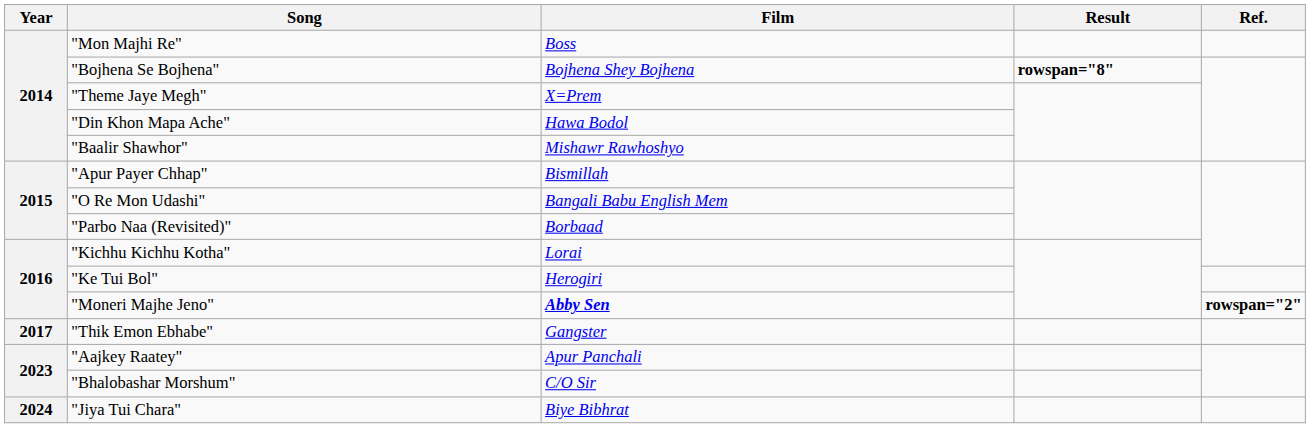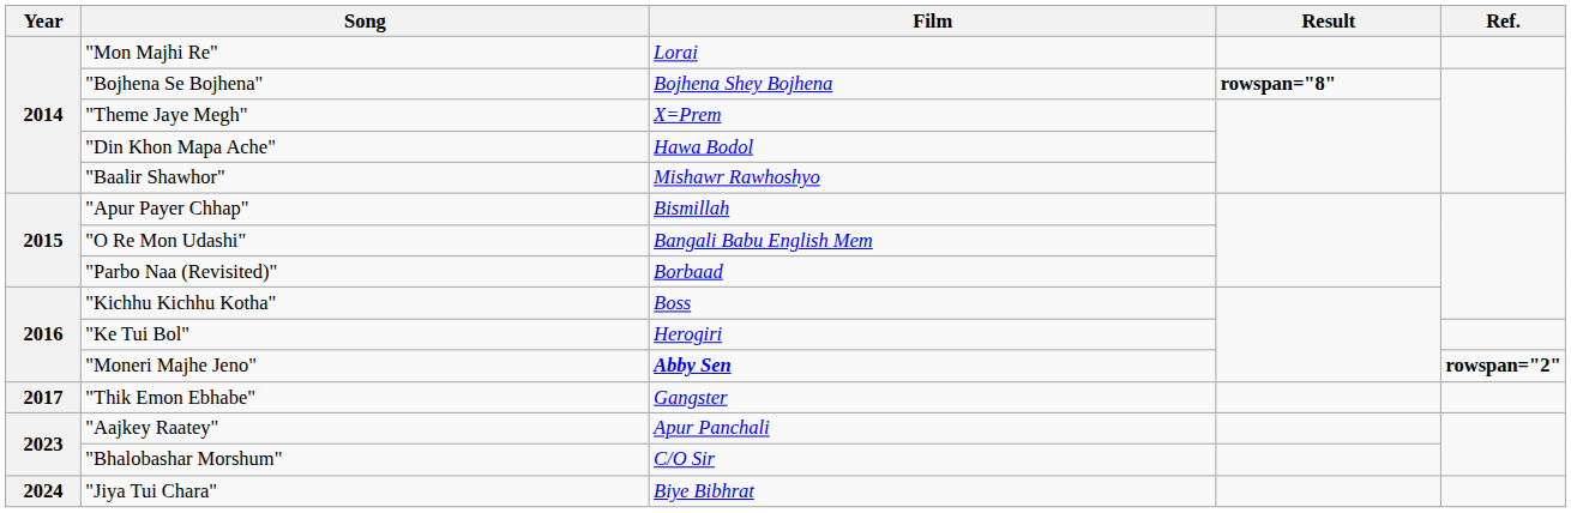 <table class="wikitable plainrowheaders" width="100%" "textcolor:#000;">
 <tr>
 <th scope="col" width=5%><strong>Year</strong></th>
 <th scope="col" width=39%><strong>Song</strong></th>
 <th scope="col" width=39%><strong>Film</strong></th>
 <th scope="col" width=15%><strong>Result</strong></th>
 <th scope="col" width=2%><strong>Ref.</strong></th>
 </tr>
 <tr>
 <th scope="row" rowspan="5">2014</th>
 <td>"Mon Majhi Re"</td>
-<td><em><a href='#'>Boss</a></em></td>
+<td><em><a href='#'>Lorai</a></em></td>
 <td></td>
 <td></td>
 </tr>
 <tr>
 <td>"Bojhena Se Bojhena"</td>
 <td><em><a href='#'>Bojhena Shey Bojhena</a></em></td>
 <td><strong>rowspan="8" </strong></td>
 <td rowspan="4"></td>
 </tr>
 <tr>
 <td>"Theme Jaye Megh"</td>
 <td><em><a href='#'>X=Prem</a></em></td>
 </tr>
 <tr>
 <td>"Din Khon Mapa Ache"</td>
 <td><em><a href='#'>Hawa Bodol</a></em></td>
 </tr>
 <tr>
 <td>"Baalir Shawhor"</td>
 <td><em><a href='#'>Mishawr Rawhoshyo</a></em></td>
 </tr>
 <tr>
 <th scope="row" rowspan="3">2015</th>
 <td>"Apur Payer Chhap"</td>
 <td><em><a href='#'>Bismillah</a></em></td>
 <td rowspan="3"></td>
 </tr>
 <tr>
 <td>"O Re Mon Udashi"</td>
 <td><em><a href='#'>Bangali Babu English Mem</a></em></td>
 </tr>
 <tr>
 <td>"Parbo Naa (Revisited)"</td>
 <td><em><a href='#'>Borbaad</a></em></td>
 </tr>
 <tr>
 <th scope="row" rowspan="3">2016</th>
 <td>"Kichhu Kichhu Kotha"</td>
-<td><em><a href='#'>Lorai</a></em></td>
+<td><em><a href='#'>Boss</a></em></td>
 <td rowspan="3"></td>
 </tr>
 <tr>
 <td>"Ke Tui Bol"</td>
 <td><em><a href='#'>Herogiri</a></em></td>
 <td></td>
 </tr>
 <tr>
 <td>"Moneri Majhe Jeno"</td>
 <td><strong><em><a href='#'>Abby Sen</a></em></strong></td>
 <td><strong>rowspan="2" </strong></td>
 </tr>
 <tr>
 <th scope="row">2017</th>
 <td>"Thik Emon Ebhabe"</td>
 <td><em><a href='#'>Gangster</a></em></td>
 <td></td>
 </tr>
 <tr>
 <th scope="row" rowspan="2">2023</th>
 <td>"Aajkey Raatey"</td>
 <td><em><a href='#'>Apur Panchali</a></em></td>
 <td></td>
 <td rowspan="2"></td>
 </tr>
 <tr>
 <td>"Bhalobashar Morshum"</td>
 <td><em><a href='#'>C/O Sir</a></em></td>
 <td></td>
 </tr>
 <tr>
 <th scope="row">2024</th>
 <td>"Jiya Tui Chara"</td>
 <td><em><a href='#'>Biye Bibhrat</a></em></td>
 <td></td>
 <td></td>
 </tr>
 </table>
